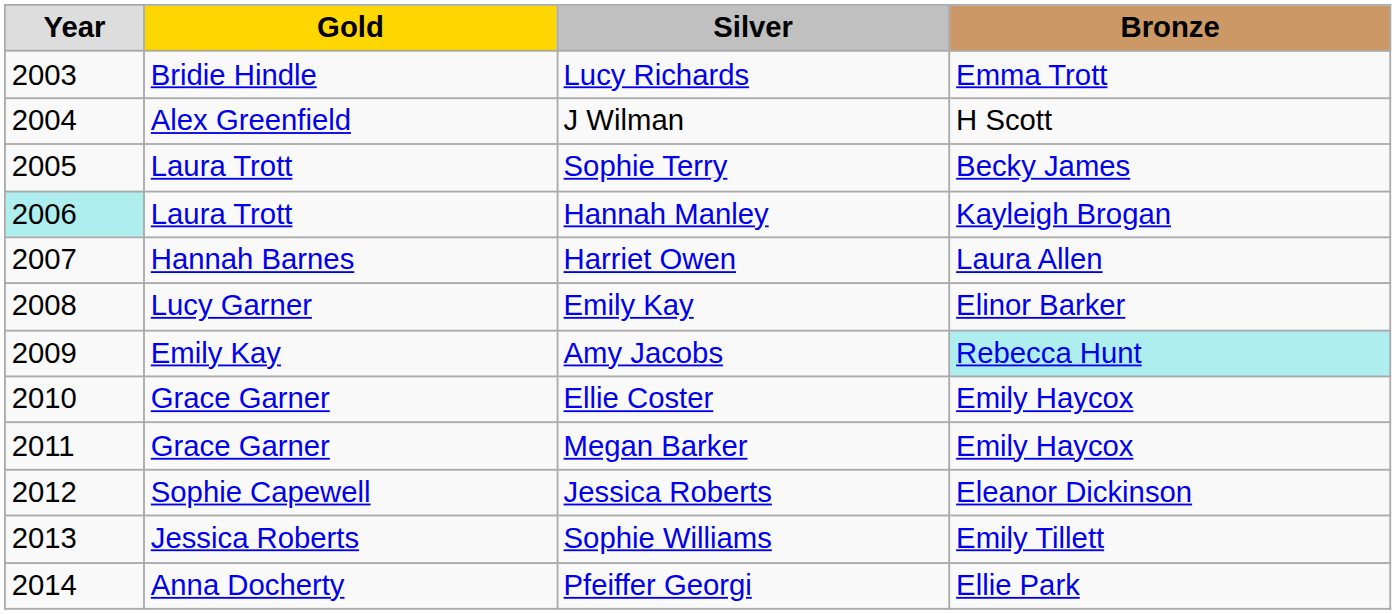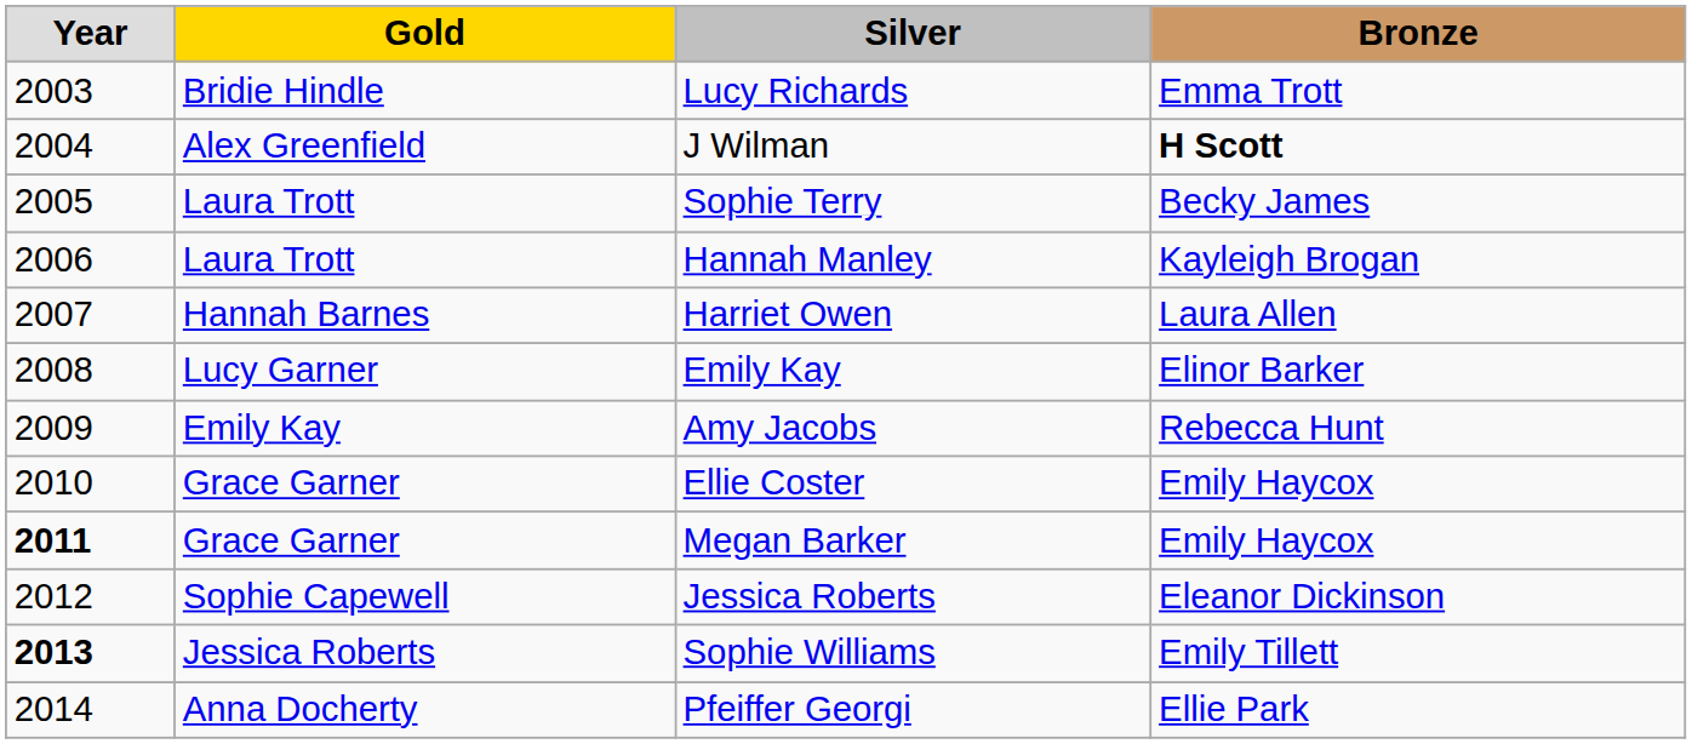 <table class="wikitable" style="width: 60%; text-align:left;">
 <tr style="text-align:center; font-weight:bold;">
 <td style="background:#ddd; ">Year</td>
 <td style="background:gold; ">Gold</td>
 <td style="background:silver; ">Silver</td>
 <td style="background:#c96; ">Bronze</td>
 </tr>
 <tr>
 <td>2003</td>
 <td><a href='#'>Bridie Hindle</a></td>
 <td><a href='#'>Lucy Richards</a></td>
 <td><a href='#'>Emma Trott</a></td>
 </tr>
 <tr>
 <td>2004</td>
 <td><a href='#'>Alex Greenfield</a></td>
 <td>J Wilman</td>
-<td>H Scott</td>
+<td><strong>H Scott</strong></td>
 </tr>
 <tr>
 <td>2005</td>
 <td><a href='#'>Laura Trott</a></td>
 <td><a href='#'>Sophie Terry</a></td>
 <td><a href='#'>Becky James</a></td>
 </tr>
 <tr>
-<td style="background: paleturquoise;">2006</td>
+<td>2006</td>
 <td><a href='#'>Laura Trott</a></td>
 <td><a href='#'>Hannah Manley</a></td>
 <td><a href='#'>Kayleigh Brogan</a></td>
 </tr>
 <tr>
 <td>2007</td>
 <td><a href='#'>Hannah Barnes</a></td>
 <td><a href='#'>Harriet Owen</a></td>
 <td><a href='#'>Laura Allen</a></td>
 </tr>
 <tr>
 <td>2008</td>
 <td><a href='#'>Lucy Garner</a></td>
 <td><a href='#'>Emily Kay</a></td>
 <td><a href='#'>Elinor Barker</a></td>
 </tr>
 <tr>
 <td>2009</td>
 <td><a href='#'>Emily Kay</a></td>
 <td><a href='#'>Amy Jacobs</a></td>
-<td style="background: paleturquoise;"><a href='#'>Rebecca Hunt</a></td>
+<td><a href='#'>Rebecca Hunt</a></td>
 </tr>
 <tr>
 <td>2010</td>
 <td><a href='#'>Grace Garner</a></td>
 <td><a href='#'>Ellie Coster</a></td>
 <td><a href='#'>Emily Haycox</a></td>
 </tr>
 <tr>
-<td>2011</td>
+<td><strong>2011</strong></td>
 <td><a href='#'>Grace Garner</a></td>
 <td><a href='#'>Megan Barker</a></td>
 <td><a href='#'>Emily Haycox</a></td>
 </tr>
 <tr>
 <td>2012</td>
 <td><a href='#'>Sophie Capewell</a></td>
 <td><a href='#'>Jessica Roberts</a></td>
 <td><a href='#'>Eleanor Dickinson</a></td>
 </tr>
 <tr>
-<td>2013</td>
+<td><strong>2013</strong></td>
 <td><a href='#'>Jessica Roberts</a></td>
 <td><a href='#'>Sophie Williams</a></td>
 <td><a href='#'>Emily Tillett</a></td>
 </tr>
 <tr>
 <td>2014</td>
 <td><a href='#'>Anna Docherty</a></td>
 <td><a href='#'>Pfeiffer Georgi</a></td>
 <td><a href='#'>Ellie Park</a></td>
 </tr>
 </table>
